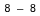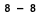 <table style="text-align:center">
 <tr>
 <th width=200></th>
 <th width=100></th>
 <th width=200></th>
 </tr>
 <tr>
 <td align=right><strong></strong></td>
-<td>8 – 8</td>
+<td><strong>8 – 8</strong></td>
 <td align=left><strong></strong></td>
 </tr>
 </table>
